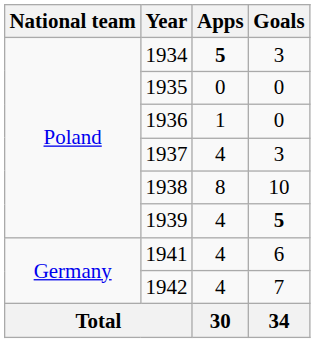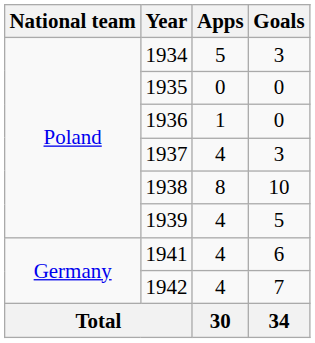 <table class="wikitable" style="text-align:center">
 <tr>
 <th>National team</th>
 <th>Year</th>
 <th>Apps</th>
 <th>Goals</th>
 </tr>
 <tr>
 <td rowspan="6"><a href='#'>Poland</a></td>
 <td>1934</td>
-<td><strong>5</strong></td>
+<td>5</td>
 <td>3</td>
 </tr>
 <tr>
 <td>1935</td>
 <td>0</td>
 <td>0</td>
 </tr>
 <tr>
 <td>1936</td>
 <td>1</td>
 <td>0</td>
 </tr>
 <tr>
 <td>1937</td>
 <td>4</td>
 <td>3</td>
 </tr>
 <tr>
 <td>1938</td>
 <td>8</td>
 <td>10</td>
 </tr>
 <tr>
 <td>1939</td>
 <td>4</td>
-<td><strong>5</strong></td>
+<td>5</td>
 </tr>
 <tr>
 <td rowspan="2"><a href='#'>Germany</a></td>
 <td>1941</td>
 <td>4</td>
 <td>6</td>
 </tr>
 <tr>
 <td>1942</td>
 <td>4</td>
 <td>7</td>
 </tr>
 <tr>
 <th colspan="2">Total</th>
 <th>30</th>
 <th>34</th>
 </tr>
 </table>
